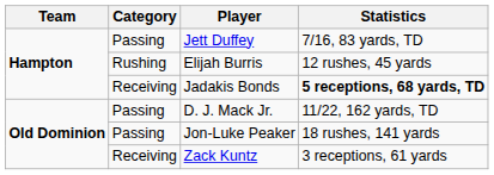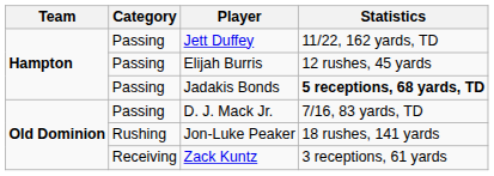 <table class="wikitable" style="float: right;">
 <tr>
 <th>Team</th>
 <th>Category</th>
 <th>Player</th>
 <th>Statistics</th>
 </tr>
 <tr>
 <td rowspan=3><strong>Hampton</strong></td>
 <td>Passing</td>
 <td><a href='#'>Jett Duffey</a></td>
-<td>7/16, 83 yards, TD</td>
+<td>11/22, 162 yards, TD</td>
 </tr>
 <tr>
-<td>Rushing</td>
+<td>Passing</td>
 <td>Elijah Burris</td>
 <td>12 rushes, 45 yards</td>
 </tr>
 <tr>
-<td>Receiving</td>
+<td>Passing</td>
 <td>Jadakis Bonds</td>
 <td><strong>5 receptions, 68 yards, TD</strong></td>
 </tr>
 <tr>
 <td rowspan=3><strong>Old Dominion</strong></td>
 <td>Passing</td>
 <td>D. J. Mack Jr.</td>
-<td>11/22, 162 yards, TD</td>
+<td>7/16, 83 yards, TD</td>
 </tr>
 <tr>
-<td>Passing</td>
+<td>Rushing</td>
 <td>Jon-Luke Peaker</td>
 <td>18 rushes, 141 yards</td>
 </tr>
 <tr>
 <td>Receiving</td>
 <td><a href='#'>Zack Kuntz</a></td>
 <td>3 receptions, 61 yards</td>
 </tr>
 </table>
